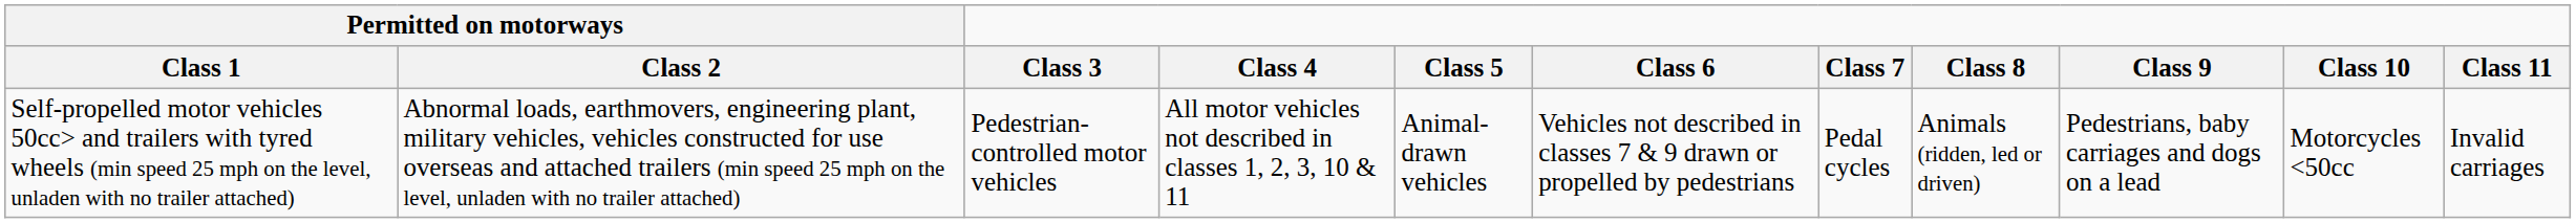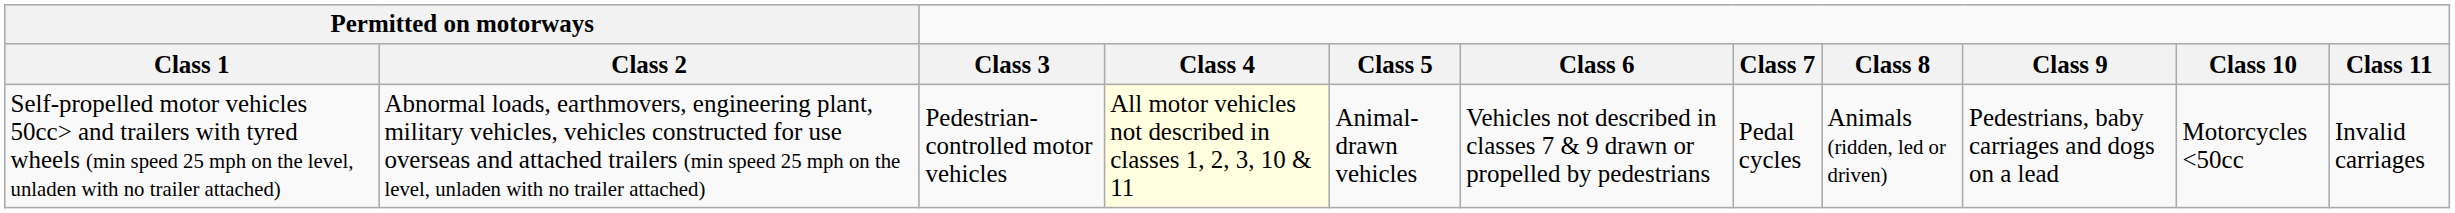 <table class="wikitable">
 <tr>
 <th colspan=2> Permitted on motorways</th>
 </tr>
 <tr>
 <th>Class 1</th>
 <th>Class 2</th>
 <th>Class 3</th>
 <th>Class 4</th>
 <th>Class 5</th>
 <th>Class 6</th>
 <th>Class 7</th>
 <th>Class 8</th>
 <th>Class 9</th>
 <th>Class 10</th>
 <th>Class 11</th>
 </tr>
 <tr>
 <td>Self-propelled motor vehicles 50cc> and trailers with tyred wheels <small>(min speed 25 mph on the level, unladen with no trailer attached)</small></td>
 <td>Abnormal loads, earthmovers, engineering plant, military vehicles, vehicles constructed for use overseas and attached trailers <small>(min speed 25 mph on the level, unladen with no trailer attached)</small></td>
 <td>Pedestrian-controlled motor vehicles</td>
-<td>All motor vehicles not described in classes 1, 2, 3, 10 & 11</td>
+<td style="background: lightyellow;">All motor vehicles not described in classes 1, 2, 3, 10 & 11</td>
 <td>Animal-drawn vehicles</td>
 <td>Vehicles not described in classes 7 & 9 drawn or propelled by pedestrians</td>
 <td>Pedal cycles</td>
 <td>Animals <small>(ridden, led or driven)</small></td>
 <td>Pedestrians, baby carriages and dogs on a lead</td>
 <td>Motorcycles <50cc</td>
 <td>Invalid carriages</td>
 </tr>
 </table>
